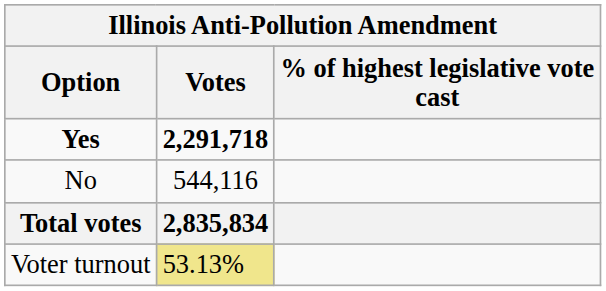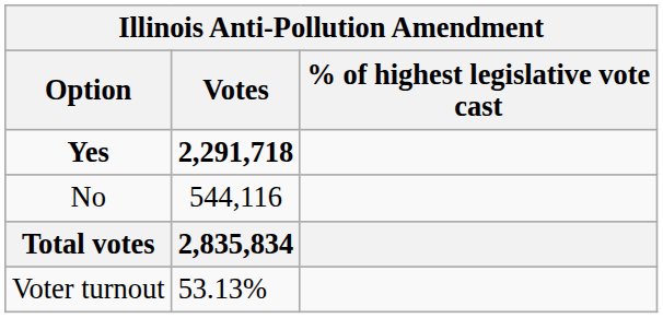 <table class="wikitable">
 <tr>
 <th colspan=4 text align=center>Illinois Anti-Pollution Amendment</th>
 </tr>
 <tr>
 <th>Option</th>
 <th>Votes</th>
 <th>% of highest legislative vote<br>cast</th>
 </tr>
 <tr>
 <td text align=center><strong>Yes</strong></td>
 <td text align=center><strong>2,291,718</strong></td>
 <td text align=center></td>
 </tr>
 <tr>
 <td text align=center>No</td>
 <td text align=center>544,116</td>
 <td text align=center></td>
 </tr>
 <tr>
 <th text align=center>Total votes</th>
 <th text align=center><strong>2,835,834</strong></th>
 <th text align=center></th>
 </tr>
 <tr>
 <td>Voter turnout</td>
-<td style="background: khaki;">53.13%</td>
+<td>53.13%</td>
 </tr>
 </table>
